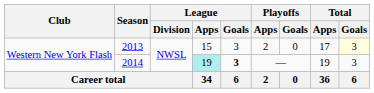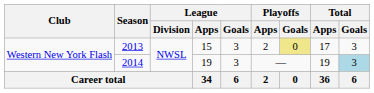 <table class="wikitable" style="text-align: center;">
 <tr>
 <th rowspan="2">Club</th>
 <th rowspan="2">Season</th>
 <th colspan="3">League</th>
 <th colspan="2">Playoffs</th>
 <th colspan="2">Total</th>
 </tr>
 <tr>
 <th>Division</th>
 <th>Apps</th>
 <th>Goals</th>
 <th>Apps</th>
 <th>Goals</th>
 <th>Apps</th>
 <th>Goals</th>
 </tr>
 <tr>
 <td rowspan="2"><a href='#'>Western New York Flash</a></td>
 <td><a href='#'>2013</a></td>
 <td rowspan="2"><a href='#'>NWSL</a></td>
 <td>15</td>
 <td>3</td>
 <td>2</td>
-<td>0</td>
+<td style="background: khaki;">0</td>
 <td>17</td>
-<td style="background: lightyellow;">3</td>
+<td>3</td>
 </tr>
 <tr>
 <td><a href='#'>2014</a></td>
-<td style="background: paleturquoise;">19</td>
-<td><strong>3</strong></td>
+<td>19</td>
+<td>3</td>
 <td colspan="2">—</td>
 <td>19</td>
-<td>3</td>
+<td style="background: lightblue;">3</td>
 </tr>
 <tr>
 <th colspan="3">Career total</th>
 <th>34</th>
 <th>6</th>
 <th>2</th>
 <th>0</th>
 <th>36</th>
 <th>6</th>
 </tr>
 </table>
